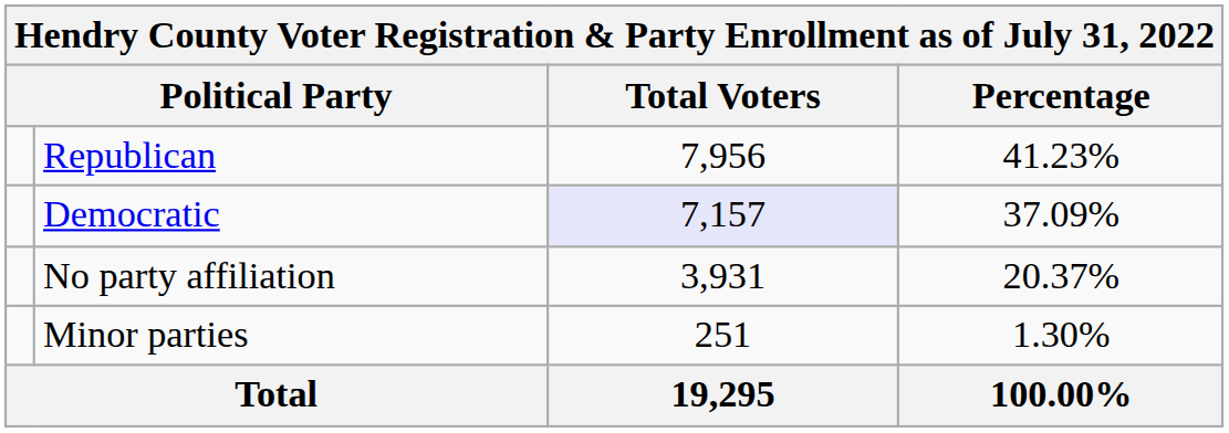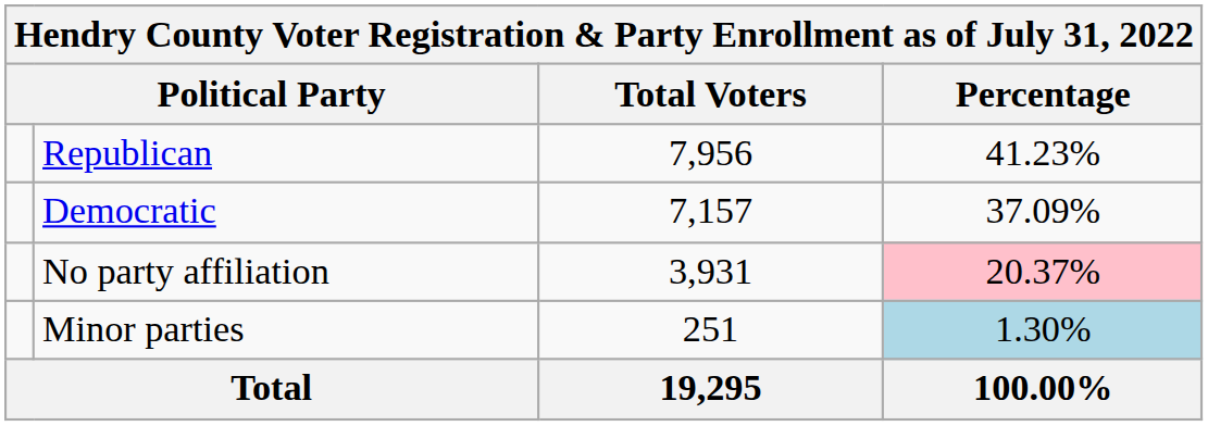 <table class=wikitable>
 <tr>
 <th colspan = 6>Hendry County Voter Registration & Party Enrollment as of July 31, 2022</th>
 </tr>
 <tr>
 <th colspan = 2>Political Party</th>
 <th>Total Voters</th>
 <th>Percentage</th>
 </tr>
 <tr>
 <td></td>
 <td><a href='#'>Republican</a></td>
 <td align = center>7,956</td>
 <td align = center>41.23%</td>
 </tr>
 <tr>
 <td></td>
 <td><a href='#'>Democratic</a></td>
-<td align = center style="background: lavender;">7,157</td>
+<td align = center>7,157</td>
 <td align = center>37.09%</td>
 </tr>
 <tr>
 <td></td>
 <td>No party affiliation</td>
 <td align = center>3,931</td>
-<td align = center>20.37%</td>
+<td align = center style="background: pink;">20.37%</td>
 </tr>
 <tr>
 <td></td>
 <td>Minor parties</td>
 <td align = center>251</td>
-<td align = center>1.30%</td>
+<td align = center style="background: lightblue;">1.30%</td>
 </tr>
 <tr>
 <th colspan = 2>Total</th>
 <th align = center>19,295</th>
 <th align = center>100.00%</th>
 </tr>
 </table>
